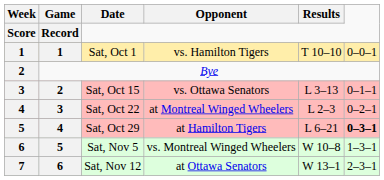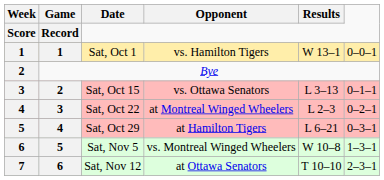 <table class="wikitable" style="text-align:center">
 <tr>
 <th>Week</th>
 <th>Game</th>
 <th>Date</th>
 <th>Opponent</th>
 <th>Results</th>
 </tr>
 <tr>
 <th>Score</th>
 <th>Record</th>
 </tr>
 <tr style="background:#ffeeaa">
 <th>1</th>
 <th>1</th>
 <td>Sat, Oct 1</td>
 <td>vs. Hamilton Tigers</td>
-<td>T 10–10</td>
+<td>W 13–1</td>
 <td>0–0–1</td>
 </tr>
 <tr>
 <th>2</th>
 <td colspan="7"><em><a href='#'>Bye</a></em></td>
 </tr>
 <tr style="background:#ffbbbb">
 <th>3</th>
 <th>2</th>
 <td>Sat, Oct 15</td>
 <td>vs. Ottawa Senators</td>
 <td>L 3–13</td>
 <td>0–1–1</td>
 </tr>
 <tr style="background:#ffbbbb">
 <th>4</th>
 <th>3</th>
 <td>Sat, Oct 22</td>
 <td>at <a href='#'>Montreal Winged Wheelers</a></td>
 <td>L 2–3</td>
 <td>0–2–1</td>
 </tr>
 <tr style="background:#ffbbbb">
 <th>5</th>
 <th>4</th>
 <td>Sat, Oct 29</td>
 <td>at <a href='#'>Hamilton Tigers</a></td>
 <td>L 6–21</td>
-<td><strong>0–3–1</strong></td>
+<td>0–3–1</td>
 </tr>
 <tr style="background:#ddffdd">
 <th>6</th>
 <th>5</th>
 <td>Sat, Nov 5</td>
 <td>vs. Montreal Winged Wheelers</td>
 <td>W 10–8</td>
 <td>1–3–1</td>
 </tr>
 <tr style="background:#ddffdd">
 <th>7</th>
 <th>6</th>
 <td>Sat, Nov 12</td>
 <td>at <a href='#'>Ottawa Senators</a></td>
-<td>W 13–1</td>
+<td>T 10–10</td>
 <td>2–3–1</td>
 </tr>
 </table>
